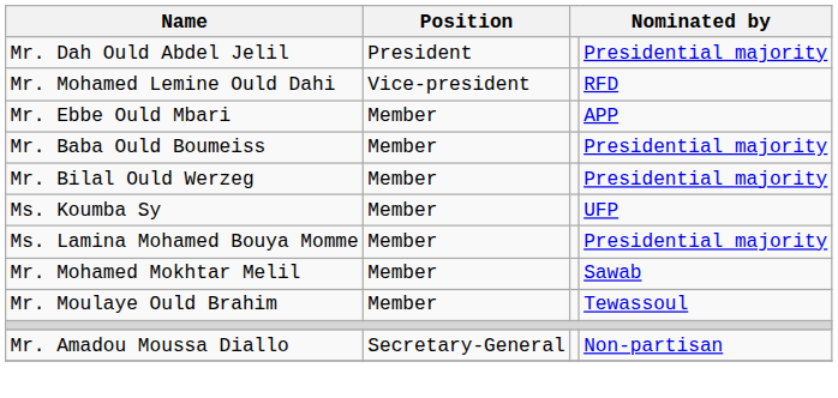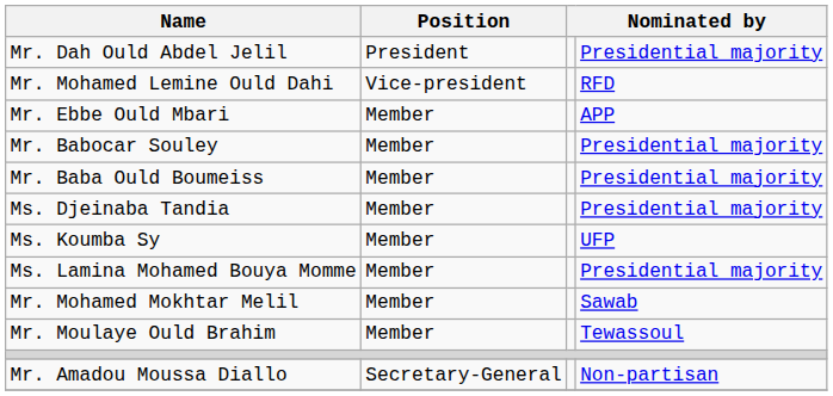 <table class="wikitable" style="text-align">
 <tr>
 <th>Name</th>
 <th>Position</th>
 <th colspan="2">Nominated by</th>
 </tr>
 <tr>
 <td>Mr. Dah Ould Abdel Jelil</td>
 <td>President</td>
 <td style="background:"></td>
 <td><a href='#'>Presidential majority</a></td>
 </tr>
 <tr>
 <td>Mr. Mohamed Lemine Ould Dahi</td>
 <td>Vice-president</td>
 <td style="background:"></td>
 <td><a href='#'>RFD</a></td>
 </tr>
 <tr>
 <td>Mr. Ebbe Ould Mbari</td>
 <td>Member</td>
 <td style="background:"></td>
 <td><a href='#'>APP</a></td>
 </tr>
 <tr>
+<td>Mr. Babocar Souley</td>
+<td>Member</td>
+<td style="background:"></td>
+<td><a href='#'>Presidential majority</a></td>
+</tr>
+<tr>
 <td>Mr. Baba Ould Boumeiss</td>
 <td>Member</td>
 <td style="background:"></td>
 <td><a href='#'>Presidential majority</a></td>
 </tr>
 <tr>
-<td>Mr. Bilal Ould Werzeg</td>
+<td>Ms. Djeinaba Tandia</td>
 <td>Member</td>
 <td style="background:"></td>
 <td><a href='#'>Presidential majority</a></td>
 </tr>
 <tr>
 <td>Ms. Koumba Sy</td>
 <td>Member</td>
 <td style="background:"></td>
 <td><a href='#'>UFP</a></td>
 </tr>
 <tr>
 <td>Ms. Lamina Mohamed Bouya Momme</td>
 <td>Member</td>
 <td style="background:"></td>
 <td><a href='#'>Presidential majority</a></td>
 </tr>
 <tr>
 <td>Mr. Mohamed Mokhtar Melil</td>
 <td>Member</td>
 <td style="background:"></td>
 <td><a href='#'>Sawab</a></td>
 </tr>
 <tr>
 <td>Mr. Moulaye Ould Brahim</td>
 <td>Member</td>
 <td style="background:"></td>
 <td><a href='#'>Tewassoul</a></td>
 </tr>
 <tr>
 <td colspan="4" style="background:#D6D6D6"></td>
 </tr>
 <tr>
 <td>Mr. Amadou Moussa Diallo</td>
 <td>Secretary-General</td>
 <td style="background:"></td>
 <td><a href='#'>Non-partisan</a></td>
 </tr>
 <tr>
 </tr>
 </table>
